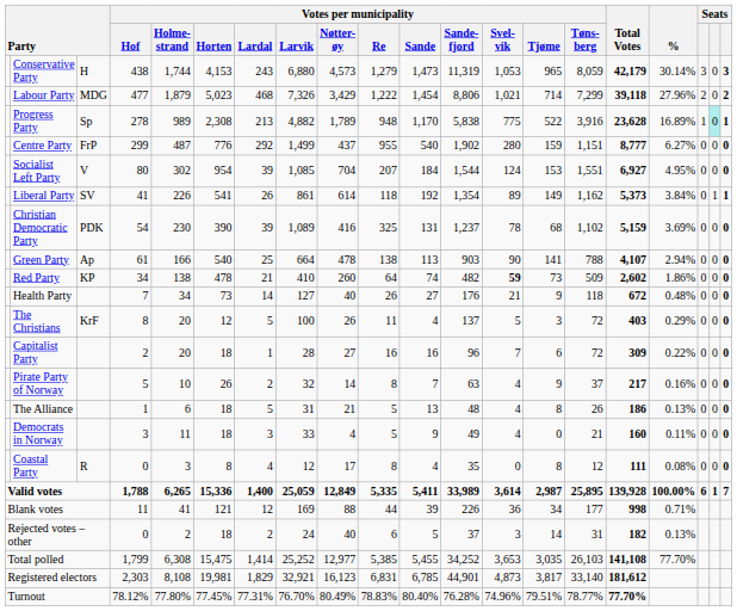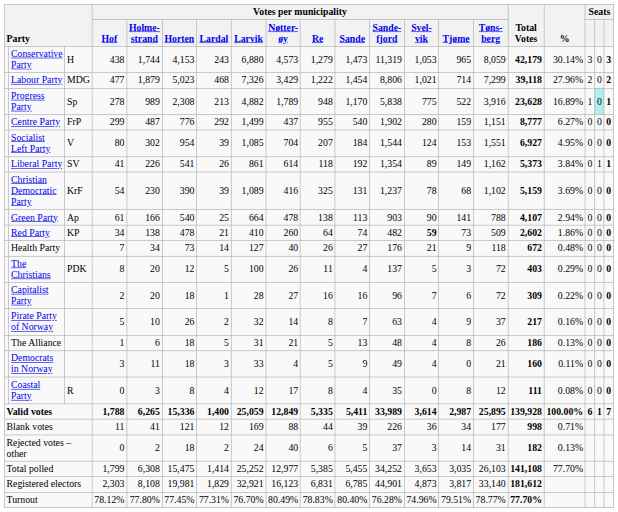 <table class="wikitable" border="1" style="text-align:right;">
 <tr>
 <th style="text-align:left;" valign=bottom rowspan=2 colspan=3>Party</th>
 <th colspan=12>Votes per municipality</th>
 <th align=center valign=bottom rowspan=2 width="50">Total Votes</th>
 <th align=center valign=bottom rowspan=2 width="50">%</th>
 <th colspan=3>Seats</th>
 </tr>
 <tr>
 <th align=center valign=bottom width="50"><a href='#'>Hof</a></th>
 <th align=center valign=bottom width="50"><a href='#'>Holme- strand</a></th>
 <th align=center valign=bottom width="50"><a href='#'>Horten</a></th>
 <th align=center valign=bottom width="50"><a href='#'>Lardal</a></th>
 <th align=center valign=bottom width="50"><a href='#'>Larvik</a></th>
 <th align=center valign=bottom width="50"><a href='#'>Nøtter- øy</a></th>
 <th align=center valign=bottom width="50"><a href='#'>Re</a></th>
 <th align=center valign=bottom width="50"><a href='#'>Sande</a></th>
 <th align=center valign=bottom width="50"><a href='#'>Sande- fjord</a></th>
 <th align=center valign=bottom width="50"><a href='#'>Svel- vik</a></th>
 <th align=center valign=bottom width="50"><a href='#'>Tjøme</a></th>
 <th align=center valign=bottom width="50"><a href='#'>Tøns- berg</a></th>
 <th align=center valign=bottom width="20"><small></small></th>
 <th align=center valign=bottom width="20"><small><a href='#'></a></small></th>
 <th align=center valign=bottom width="20"><small></small></th>
 </tr>
 <tr>
 <td style="color:inherit;background:"></td>
 <td align=left><a href='#'>Conservative Party</a></td>
 <td align=left>H</td>
 <td>438</td>
 <td>1,744</td>
 <td>4,153</td>
 <td>243</td>
 <td>6,880</td>
 <td>4,573</td>
 <td>1,279</td>
 <td>1,473</td>
 <td>11,319</td>
 <td>1,053</td>
 <td>965</td>
 <td>8,059</td>
 <td><strong>42,179</strong></td>
 <td>30.14%</td>
 <td>3</td>
 <td>0</td>
 <td><strong>3</strong></td>
 </tr>
 <tr>
 <td style="color:inherit;background:"></td>
 <td align=left><a href='#'>Labour Party</a></td>
 <td align=left>MDG</td>
 <td>477</td>
 <td>1,879</td>
 <td>5,023</td>
 <td>468</td>
 <td>7,326</td>
 <td>3,429</td>
 <td>1,222</td>
 <td>1,454</td>
 <td>8,806</td>
 <td>1,021</td>
 <td>714</td>
 <td>7,299</td>
 <td><strong>39,118</strong></td>
 <td>27.96%</td>
 <td>2</td>
 <td>0</td>
 <td><strong>2</strong></td>
 </tr>
 <tr>
 <td style="color:inherit;background:"></td>
 <td align=left><a href='#'>Progress Party</a></td>
 <td align=left>Sp</td>
 <td>278</td>
 <td>989</td>
 <td>2,308</td>
 <td>213</td>
 <td>4,882</td>
 <td>1,789</td>
 <td>948</td>
 <td>1,170</td>
 <td>5,838</td>
 <td>775</td>
 <td>522</td>
 <td>3,916</td>
 <td><strong>23,628</strong></td>
 <td>16.89%</td>
 <td>1</td>
 <td style="background: paleturquoise;">0</td>
 <td><strong>1</strong></td>
 </tr>
 <tr>
 <td style="color:inherit;background:"></td>
 <td align=left><a href='#'>Centre Party</a></td>
 <td align=left>FrP</td>
 <td>299</td>
 <td>487</td>
 <td>776</td>
 <td>292</td>
 <td>1,499</td>
 <td>437</td>
 <td>955</td>
 <td>540</td>
 <td>1,902</td>
 <td>280</td>
 <td>159</td>
 <td>1,151</td>
 <td><strong>8,777</strong></td>
 <td>6.27%</td>
 <td>0</td>
 <td>0</td>
 <td><strong>0</strong></td>
 </tr>
 <tr>
 <td style="color:inherit;background:"></td>
 <td align=left><a href='#'>Socialist Left Party</a></td>
 <td align=left>V</td>
 <td>80</td>
 <td>302</td>
 <td>954</td>
 <td>39</td>
 <td>1,085</td>
 <td>704</td>
 <td>207</td>
 <td>184</td>
 <td>1,544</td>
 <td>124</td>
 <td>153</td>
 <td>1,551</td>
 <td><strong>6,927</strong></td>
 <td>4.95%</td>
 <td>0</td>
 <td>0</td>
 <td><strong>0</strong></td>
 </tr>
 <tr>
 <td style="color:inherit;background:"></td>
 <td align=left><a href='#'>Liberal Party</a></td>
 <td align=left>SV</td>
 <td>41</td>
 <td>226</td>
 <td>541</td>
 <td>26</td>
 <td>861</td>
 <td>614</td>
 <td>118</td>
 <td>192</td>
 <td>1,354</td>
 <td>89</td>
 <td>149</td>
 <td>1,162</td>
 <td><strong>5,373</strong></td>
 <td>3.84%</td>
 <td>0</td>
 <td>1</td>
 <td><strong>1</strong></td>
 </tr>
 <tr>
 <td style="color:inherit;background:"></td>
 <td align=left><a href='#'>Christian Democratic Party</a></td>
-<td align=left>PDK</td>
+<td align=left>KrF</td>
 <td>54</td>
 <td>230</td>
 <td>390</td>
 <td>39</td>
 <td>1,089</td>
 <td>416</td>
 <td>325</td>
 <td>131</td>
 <td>1,237</td>
 <td>78</td>
 <td>68</td>
 <td>1,102</td>
 <td><strong>5,159</strong></td>
 <td>3.69%</td>
 <td>0</td>
 <td>0</td>
 <td><strong>0</strong></td>
 </tr>
 <tr>
 <td style="color:inherit;background:"></td>
 <td align=left><a href='#'>Green Party</a></td>
 <td align=left>Ap</td>
 <td>61</td>
 <td>166</td>
 <td>540</td>
 <td>25</td>
 <td>664</td>
 <td>478</td>
 <td>138</td>
 <td>113</td>
 <td>903</td>
 <td>90</td>
 <td>141</td>
 <td>788</td>
 <td><strong>4,107</strong></td>
 <td>2.94%</td>
 <td>0</td>
 <td>0</td>
 <td><strong>0</strong></td>
 </tr>
 <tr>
 <td style="color:inherit;background:"></td>
 <td align=left><a href='#'>Red Party</a></td>
 <td align=left>KP</td>
 <td>34</td>
 <td>138</td>
 <td>478</td>
 <td>21</td>
 <td>410</td>
 <td>260</td>
 <td>64</td>
 <td>74</td>
 <td>482</td>
 <td><strong>59</strong></td>
 <td>73</td>
 <td>509</td>
 <td><strong>2,602</strong></td>
 <td>1.86%</td>
 <td>0</td>
 <td>0</td>
 <td><strong>0</strong></td>
 </tr>
 <tr>
 <td></td>
 <td align=left>Health Party</td>
 <td align=left></td>
 <td>7</td>
 <td>34</td>
 <td>73</td>
 <td>14</td>
 <td>127</td>
 <td>40</td>
 <td>26</td>
 <td>27</td>
 <td>176</td>
 <td>21</td>
 <td>9</td>
 <td>118</td>
 <td><strong>672</strong></td>
 <td>0.48%</td>
 <td>0</td>
 <td>0</td>
 <td><strong>0</strong></td>
 </tr>
 <tr>
 <td style="color:inherit;background:"></td>
 <td align=left><a href='#'>The Christians</a></td>
-<td align=left>KrF</td>
+<td align=left>PDK</td>
 <td>8</td>
 <td>20</td>
 <td>12</td>
 <td>5</td>
 <td>100</td>
 <td>26</td>
 <td>11</td>
 <td>4</td>
 <td>137</td>
 <td>5</td>
 <td>3</td>
 <td>72</td>
 <td><strong>403</strong></td>
 <td>0.29%</td>
 <td>0</td>
 <td>0</td>
 <td><strong>0</strong></td>
 </tr>
 <tr>
 <td style="color:inherit;background:"></td>
 <td align=left><a href='#'>Capitalist Party</a></td>
 <td align=left></td>
 <td>2</td>
 <td>20</td>
 <td>18</td>
 <td>1</td>
 <td>28</td>
 <td>27</td>
 <td>16</td>
 <td>16</td>
 <td>96</td>
 <td>7</td>
 <td>6</td>
 <td>72</td>
 <td><strong>309</strong></td>
 <td>0.22%</td>
 <td>0</td>
 <td>0</td>
 <td><strong>0</strong></td>
 </tr>
 <tr>
 <td style="color:inherit;background:"></td>
 <td align=left><a href='#'>Pirate Party of Norway</a></td>
 <td align=left></td>
 <td>5</td>
 <td>10</td>
 <td>26</td>
 <td>2</td>
 <td>32</td>
 <td>14</td>
 <td>8</td>
 <td>7</td>
 <td>63</td>
 <td>4</td>
 <td>9</td>
 <td>37</td>
 <td><strong>217</strong></td>
 <td>0.16%</td>
 <td>0</td>
 <td>0</td>
 <td><strong>0</strong></td>
 </tr>
 <tr>
 <td></td>
 <td align=left>The Alliance</td>
 <td align=left></td>
 <td>1</td>
 <td>6</td>
 <td>18</td>
 <td>5</td>
 <td>31</td>
 <td>21</td>
 <td>5</td>
 <td>13</td>
 <td>48</td>
 <td>4</td>
 <td>8</td>
 <td>26</td>
 <td><strong>186</strong></td>
 <td>0.13%</td>
 <td>0</td>
 <td>0</td>
 <td><strong>0</strong></td>
 </tr>
 <tr>
 <td style="color:inherit;background:"></td>
 <td align=left><a href='#'>Democrats in Norway</a></td>
 <td align=left></td>
 <td>3</td>
 <td>11</td>
 <td>18</td>
 <td>3</td>
 <td>33</td>
 <td>4</td>
 <td>5</td>
 <td>9</td>
 <td>49</td>
 <td>4</td>
 <td>0</td>
 <td>21</td>
 <td><strong>160</strong></td>
 <td>0.11%</td>
 <td>0</td>
 <td>0</td>
 <td><strong>0</strong></td>
 </tr>
 <tr>
 <td style="color:inherit;background:"></td>
 <td align=left><a href='#'>Coastal Party</a></td>
 <td align=left>R</td>
 <td>0</td>
 <td>3</td>
 <td>8</td>
 <td>4</td>
 <td>12</td>
 <td>17</td>
 <td>8</td>
 <td>4</td>
 <td>35</td>
 <td>0</td>
 <td>8</td>
 <td>12</td>
 <td><strong>111</strong></td>
 <td>0.08%</td>
 <td>0</td>
 <td>0</td>
 <td><strong>0</strong></td>
 </tr>
 <tr style="font-weight:bold">
 <td align=left colspan=3>Valid votes</td>
 <td>1,788</td>
 <td>6,265</td>
 <td>15,336</td>
 <td>1,400</td>
 <td>25,059</td>
 <td>12,849</td>
 <td>5,335</td>
 <td>5,411</td>
 <td>33,989</td>
 <td>3,614</td>
 <td>2,987</td>
 <td>25,895</td>
 <td>139,928</td>
 <td>100.00%</td>
 <td>6</td>
 <td>1</td>
 <td>7</td>
 </tr>
 <tr>
 <td align=left colspan=3>Blank votes</td>
 <td>11</td>
 <td>41</td>
 <td>121</td>
 <td>12</td>
 <td>169</td>
 <td>88</td>
 <td>44</td>
 <td>39</td>
 <td>226</td>
 <td>36</td>
 <td>34</td>
 <td>177</td>
 <td><strong>998</strong></td>
 <td>0.71%</td>
 <td></td>
 <td></td>
 <td></td>
 </tr>
 <tr>
 <td align=left colspan=3>Rejected votes – other</td>
 <td>0</td>
 <td>2</td>
 <td>18</td>
 <td>2</td>
 <td>24</td>
 <td>40</td>
 <td>6</td>
 <td>5</td>
 <td>37</td>
 <td>3</td>
 <td>14</td>
 <td>31</td>
 <td><strong>182</strong></td>
 <td>0.13%</td>
 <td></td>
 <td></td>
 <td></td>
 </tr>
 <tr>
 <td align=left colspan=3>Total polled</td>
 <td>1,799</td>
 <td>6,308</td>
 <td>15,475</td>
 <td>1,414</td>
 <td>25,252</td>
 <td>12,977</td>
 <td>5,385</td>
 <td>5,455</td>
 <td>34,252</td>
 <td>3,653</td>
 <td>3,035</td>
 <td>26,103</td>
 <td><strong>141,108</strong></td>
 <td>77.70%</td>
 <td></td>
 <td></td>
 <td></td>
 </tr>
 <tr>
 <td align=left colspan=3>Registered electors</td>
 <td>2,303</td>
 <td>8,108</td>
 <td>19,981</td>
 <td>1,829</td>
 <td>32,921</td>
 <td>16,123</td>
 <td>6,831</td>
 <td>6,785</td>
 <td>44,901</td>
 <td>4,873</td>
 <td>3,817</td>
 <td>33,140</td>
 <td><strong>181,612</strong></td>
 <td></td>
 <td></td>
 <td></td>
 <td></td>
 </tr>
 <tr>
 <td align=left colspan=3>Turnout</td>
 <td>78.12%</td>
 <td>77.80%</td>
 <td>77.45%</td>
 <td>77.31%</td>
 <td>76.70%</td>
 <td>80.49%</td>
 <td>78.83%</td>
 <td>80.40%</td>
 <td>76.28%</td>
 <td>74.96%</td>
 <td>79.51%</td>
 <td>78.77%</td>
 <td><strong>77.70%</strong></td>
 <td></td>
 <td></td>
 <td></td>
 <td></td>
 </tr>
 </table>
